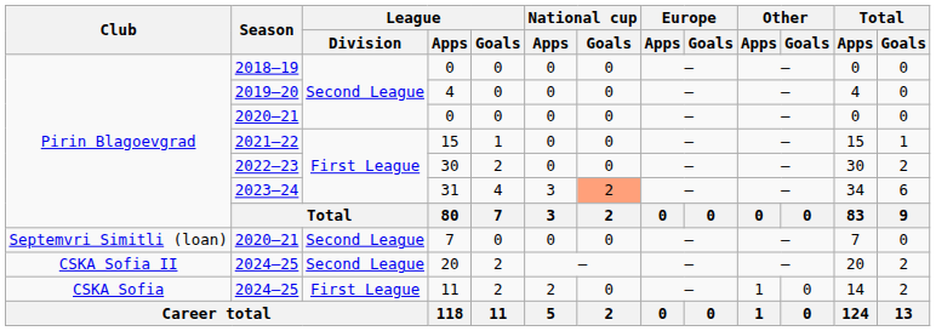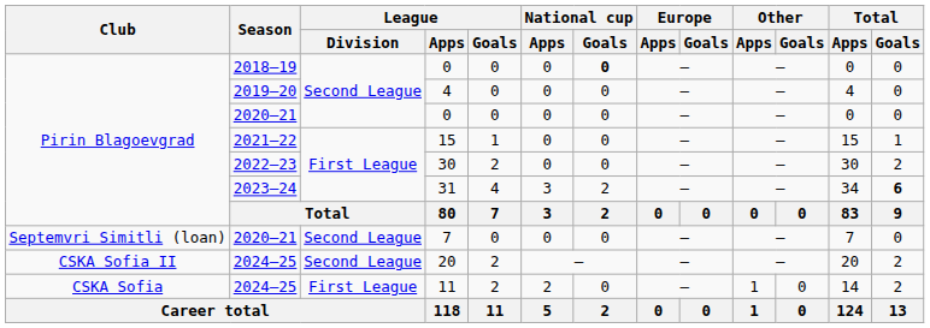 <table class="wikitable" style="text-align:center">
 <tr>
 <th rowspan="2">Club</th>
 <th rowspan="2">Season</th>
 <th colspan="3">League</th>
 <th colspan="2">National cup</th>
 <th colspan="2">Europe</th>
 <th colspan="2">Other</th>
 <th colspan="2">Total</th>
 </tr>
 <tr>
 <th>Division</th>
 <th>Apps</th>
 <th>Goals</th>
 <th>Apps</th>
 <th>Goals</th>
 <th>Apps</th>
 <th>Goals</th>
 <th>Apps</th>
 <th>Goals</th>
 <th>Apps</th>
 <th>Goals</th>
 </tr>
 <tr>
 <td align=center valign=center rowspan=7><a href='#'>Pirin Blagoevgrad</a></td>
 <td><a href='#'>2018–19</a></td>
 <td rowspan=3><a href='#'>Second League</a></td>
 <td>0</td>
 <td>0</td>
 <td>0</td>
-<td>0</td>
+<td><strong>0</strong></td>
 <td colspan="2">–</td>
 <td colspan="2">–</td>
 <td>0</td>
 <td>0</td>
 </tr>
 <tr>
 <td><a href='#'>2019–20</a></td>
 <td>4</td>
 <td>0</td>
 <td>0</td>
 <td>0</td>
 <td colspan="2">–</td>
 <td colspan="2">–</td>
 <td>4</td>
 <td>0</td>
 </tr>
 <tr>
 <td><a href='#'>2020–21</a></td>
 <td>0</td>
 <td>0</td>
 <td>0</td>
 <td>0</td>
 <td colspan="2">–</td>
 <td colspan="2">–</td>
 <td>0</td>
 <td>0</td>
 </tr>
 <tr>
 <td><a href='#'>2021–22</a></td>
 <td rowspan=3><a href='#'>First League</a></td>
 <td>15</td>
 <td>1</td>
 <td>0</td>
 <td>0</td>
 <td colspan="2">–</td>
 <td colspan="2">–</td>
 <td>15</td>
 <td>1</td>
 </tr>
 <tr>
 <td><a href='#'>2022–23</a></td>
 <td>30</td>
 <td>2</td>
 <td>0</td>
 <td>0</td>
 <td colspan="2">–</td>
 <td colspan="2">–</td>
 <td>30</td>
 <td>2</td>
 </tr>
 <tr>
 <td><a href='#'>2023–24</a></td>
 <td>31</td>
 <td>4</td>
 <td>3</td>
-<td style="background: lightsalmon;">2</td>
+<td>2</td>
 <td colspan="2">–</td>
 <td colspan="2">–</td>
 <td>34</td>
-<td>6</td>
+<td><strong>6</strong></td>
 </tr>
 <tr>
 <th colspan=2>Total</th>
 <th>80</th>
 <th>7</th>
 <th>3</th>
 <th>2</th>
 <th>0</th>
 <th>0</th>
 <th>0</th>
 <th>0</th>
 <th>83</th>
 <th>9</th>
 </tr>
 <tr>
 <td align=center valign=center><a href='#'>Septemvri Simitli</a> (loan)</td>
 <td><a href='#'>2020–21</a></td>
 <td><a href='#'>Second League</a></td>
 <td>7</td>
 <td>0</td>
 <td>0</td>
 <td>0</td>
 <td colspan="2">–</td>
 <td colspan="2">–</td>
 <td>7</td>
 <td>0</td>
 </tr>
 <tr>
 <td align=center valign=center><a href='#'>CSKA Sofia II</a></td>
 <td><a href='#'>2024–25</a></td>
 <td><a href='#'>Second League</a></td>
 <td>20</td>
 <td>2</td>
 <td colspan="2">–</td>
 <td colspan="2">–</td>
 <td colspan="2">–</td>
 <td>20</td>
 <td>2</td>
 </tr>
 <tr>
 <td align=center valign=center><a href='#'>CSKA Sofia</a></td>
 <td><a href='#'>2024–25</a></td>
 <td><a href='#'>First League</a></td>
 <td>11</td>
 <td>2</td>
 <td>2</td>
 <td>0</td>
 <td colspan="2">–</td>
 <td>1</td>
 <td>0</td>
 <td>14</td>
 <td>2</td>
 </tr>
 <tr>
 <th colspan=3>Career total</th>
 <th>118</th>
 <th>11</th>
 <th>5</th>
 <th>2</th>
 <th>0</th>
 <th>0</th>
 <th>1</th>
 <th>0</th>
 <th>124</th>
 <th>13</th>
 </tr>
 </table>
